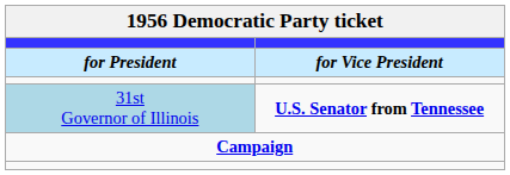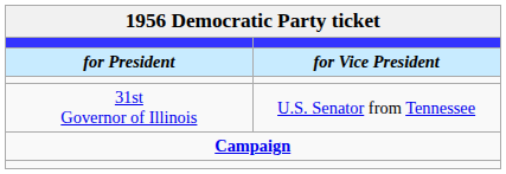 <table class="wikitable" style="font-size:90%; text-align:center">
 <tr>
 <td style="background:#f1f1f1;" colspan="30"><big><strong>1956 Democratic Party ticket </strong></big></td>
 </tr>
 <tr>
 <th style="width:3em; font-size:135%; background:#3333FF; width:200px"><a href='#'></a></th>
 <th style="width:3em; font-size:135%; background:#3333FF; width:200px"><a href='#'></a></th>
 </tr>
 <tr>
 <td style="width:3em; font-size:100%; color:#000; background:#C8EBFF; width:200px;"><strong><em>for President</em></strong></td>
 <td style="width:3em; font-size:100%; color:#000; background:#C8EBFF; width:200px;"><strong><em>for Vice President</em></strong></td>
 </tr>
 <tr>
 <td></td>
 <td></td>
 </tr>
 <tr>
-<td style="background: lightblue;"><a href='#'>31st</a><br><a href='#'>Governor of Illinois</a><br></td>
-<td><strong><a href='#'>U.S. Senator</a> from <a href='#'>Tennessee</a><br></strong></td>
+<td><a href='#'>31st</a><br><a href='#'>Governor of Illinois</a><br></td>
+<td><a href='#'>U.S. Senator</a> from <a href='#'>Tennessee</a><br></td>
 </tr>
 <tr>
 <td colspan=2><a href='#'><strong>Campaign</strong></a></td>
 </tr>
 <tr>
 <td colspan=2></td>
 </tr>
 <tr>
 </tr>
 </table>
